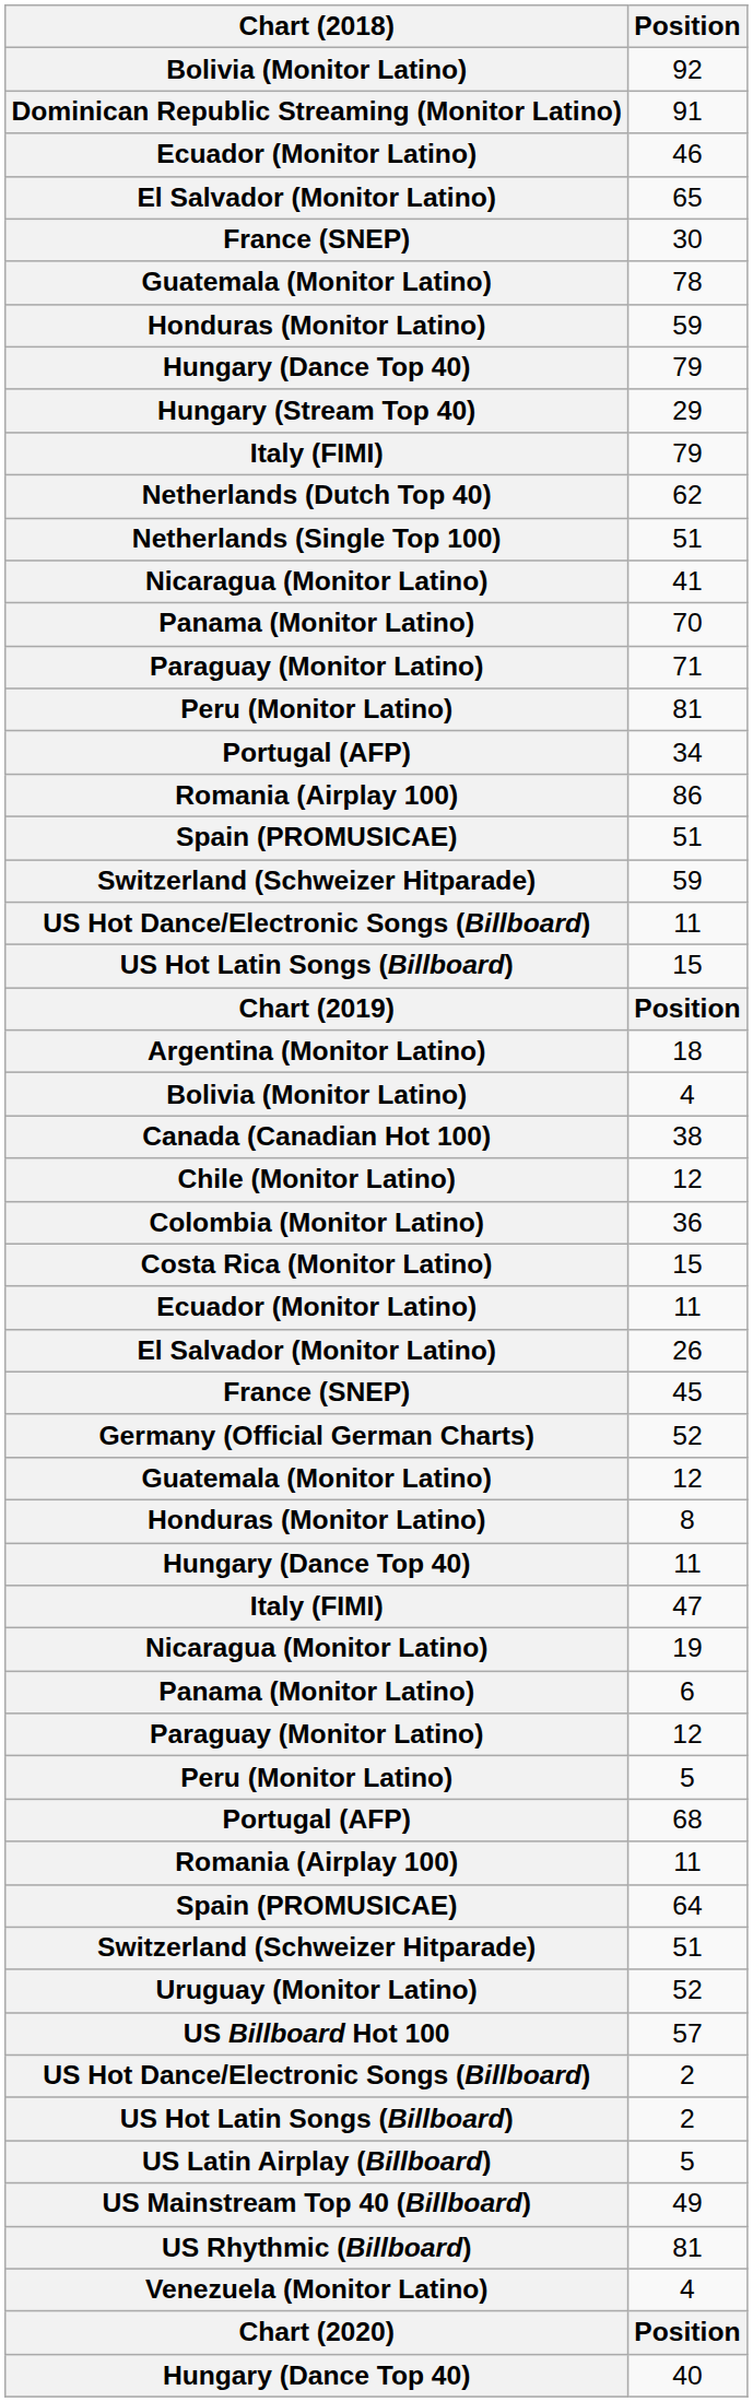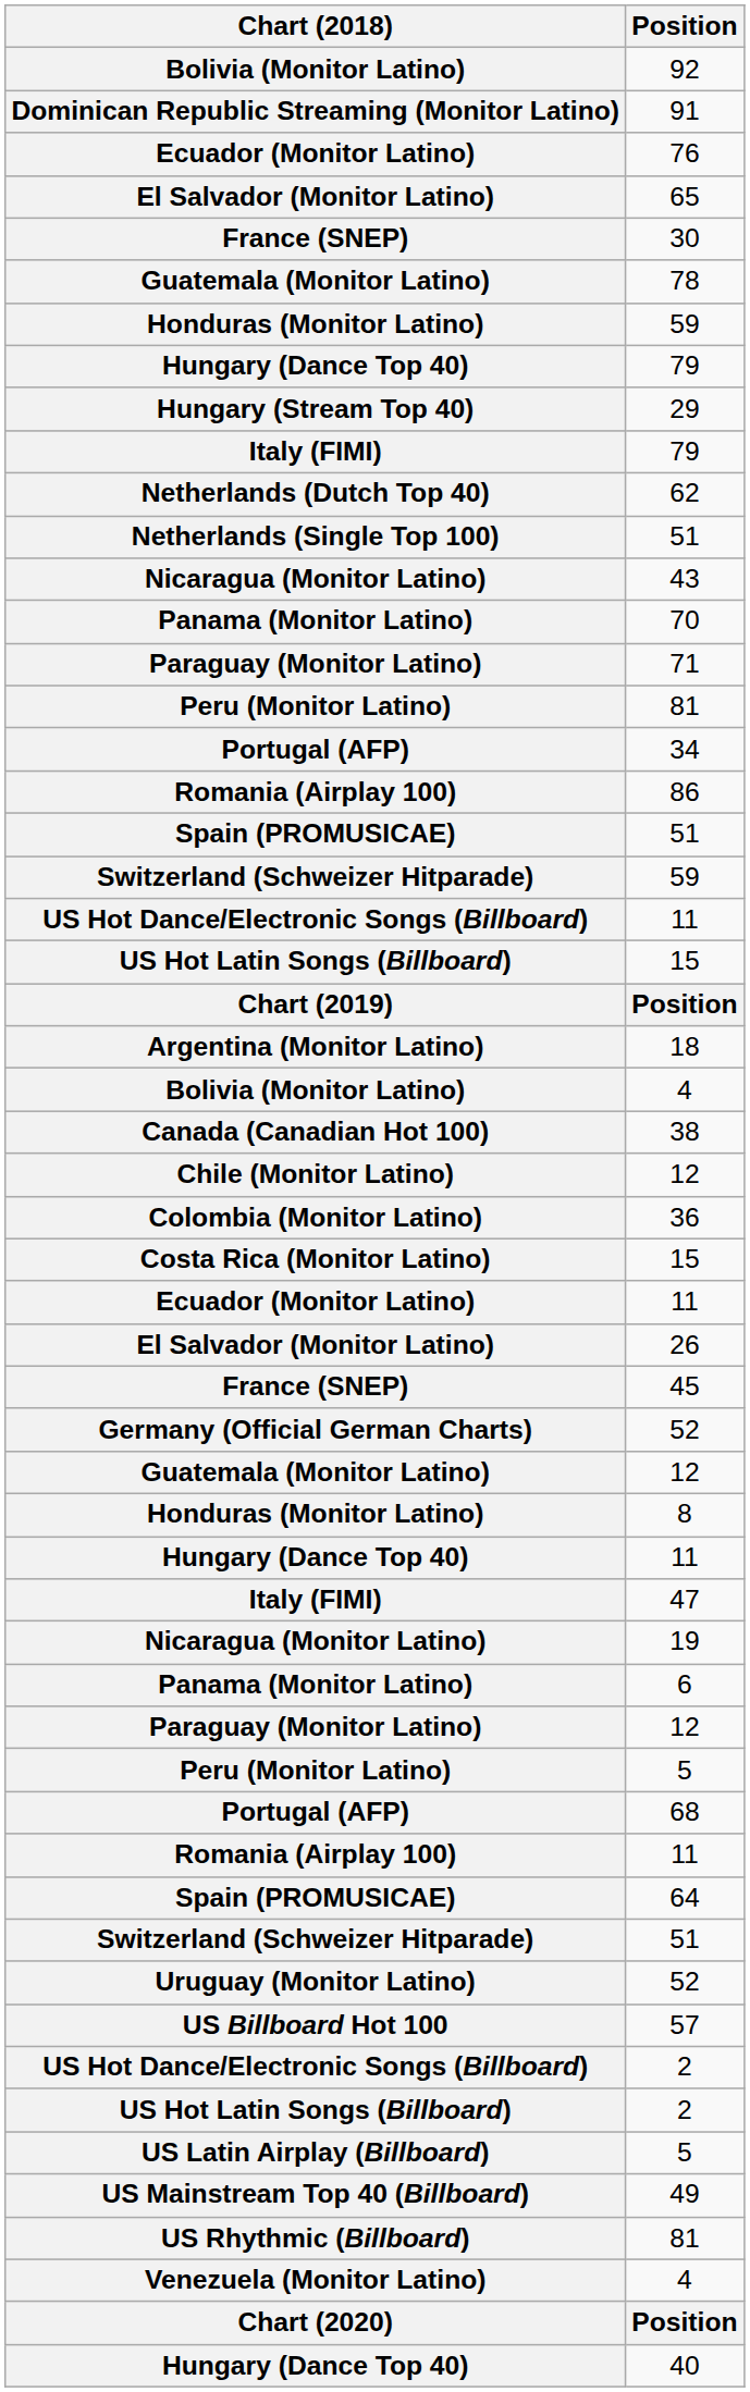 <table class="wikitable sortable plainrowheaders" style="text-align:center">
 <tr>
 <th scope="col">Chart (2018)</th>
 <th scope="col">Position</th>
 </tr>
 <tr>
 <th scope="row">Bolivia (Monitor Latino)</th>
 <td>92</td>
 </tr>
 <tr>
 <th scope="row">Dominican Republic Streaming (Monitor Latino)</th>
 <td>91</td>
 </tr>
 <tr>
 <th scope="row">Ecuador (Monitor Latino)</th>
-<td>46</td>
+<td>76</td>
 </tr>
 <tr>
 <th scope="row">El Salvador (Monitor Latino)</th>
 <td>65</td>
 </tr>
 <tr>
 <th scope="row">France (SNEP)</th>
 <td>30</td>
 </tr>
 <tr>
 <th scope="row">Guatemala (Monitor Latino)</th>
 <td>78</td>
 </tr>
 <tr>
 <th scope="row">Honduras (Monitor Latino)</th>
 <td>59</td>
 </tr>
 <tr>
 <th scope="row">Hungary (Dance Top 40)</th>
 <td>79</td>
 </tr>
 <tr>
 <th scope="row">Hungary (Stream Top 40)</th>
 <td>29</td>
 </tr>
 <tr>
 <th scope="row">Italy (FIMI)</th>
 <td>79</td>
 </tr>
 <tr>
 <th scope="row">Netherlands (Dutch Top 40)</th>
 <td>62</td>
 </tr>
 <tr>
 <th scope="row">Netherlands (Single Top 100)</th>
 <td>51</td>
 </tr>
 <tr>
 <th scope="row">Nicaragua (Monitor Latino)</th>
-<td>41</td>
+<td>43</td>
 </tr>
 <tr>
 <th scope="row">Panama (Monitor Latino)</th>
 <td>70</td>
 </tr>
 <tr>
 <th scope="row">Paraguay (Monitor Latino)</th>
 <td>71</td>
 </tr>
 <tr>
 <th scope="row">Peru (Monitor Latino)</th>
 <td>81</td>
 </tr>
 <tr>
 <th scope="row">Portugal (AFP)</th>
 <td>34</td>
 </tr>
 <tr>
 <th scope="row">Romania (Airplay 100)</th>
 <td>86</td>
 </tr>
 <tr>
 <th scope="row">Spain (PROMUSICAE)</th>
 <td>51</td>
 </tr>
 <tr>
 <th scope="row">Switzerland (Schweizer Hitparade)</th>
 <td>59</td>
 </tr>
 <tr>
 <th scope="row">US Hot Dance/Electronic Songs (<em>Billboard</em>)</th>
 <td>11</td>
 </tr>
 <tr>
 <th scope="row">US Hot Latin Songs (<em>Billboard</em>)</th>
 <td>15</td>
 </tr>
 <tr>
 <th scope="col">Chart (2019)</th>
 <th scope="col">Position</th>
 </tr>
 <tr>
 <th scope="row">Argentina (Monitor Latino)</th>
 <td>18</td>
 </tr>
 <tr>
 <th scope="row">Bolivia (Monitor Latino)</th>
 <td>4</td>
 </tr>
 <tr>
 <th scope="row">Canada (Canadian Hot 100)</th>
 <td>38</td>
 </tr>
 <tr>
 <th scope="row">Chile (Monitor Latino)</th>
 <td>12</td>
 </tr>
 <tr>
 <th scope="row">Colombia (Monitor Latino)</th>
 <td>36</td>
 </tr>
 <tr>
 <th scope="row">Costa Rica (Monitor Latino)</th>
 <td>15</td>
 </tr>
 <tr>
 <th scope="row">Ecuador (Monitor Latino)</th>
 <td>11</td>
 </tr>
 <tr>
 <th scope="row">El Salvador (Monitor Latino)</th>
 <td>26</td>
 </tr>
 <tr>
 <th scope="row">France (SNEP)</th>
 <td>45</td>
 </tr>
 <tr>
 <th scope="row">Germany (Official German Charts)</th>
 <td>52</td>
 </tr>
 <tr>
 <th scope="row">Guatemala (Monitor Latino)</th>
 <td>12</td>
 </tr>
 <tr>
 <th scope="row">Honduras (Monitor Latino)</th>
 <td>8</td>
 </tr>
 <tr>
 <th scope="row">Hungary (Dance Top 40)</th>
 <td>11</td>
 </tr>
 <tr>
 <th scope="row">Italy (FIMI)</th>
 <td>47</td>
 </tr>
 <tr>
 <th scope="row">Nicaragua (Monitor Latino)</th>
 <td>19</td>
 </tr>
 <tr>
 <th scope="row">Panama (Monitor Latino)</th>
 <td>6</td>
 </tr>
 <tr>
 <th scope="row">Paraguay (Monitor Latino)</th>
 <td>12</td>
 </tr>
 <tr>
 <th scope="row">Peru (Monitor Latino)</th>
 <td>5</td>
 </tr>
 <tr>
 <th scope="row">Portugal (AFP)</th>
 <td>68</td>
 </tr>
 <tr>
 <th scope="row">Romania (Airplay 100)</th>
 <td>11</td>
 </tr>
 <tr>
 <th scope="row">Spain (PROMUSICAE)</th>
 <td>64</td>
 </tr>
 <tr>
 <th scope="row">Switzerland (Schweizer Hitparade)</th>
 <td>51</td>
 </tr>
 <tr>
 <th scope="row">Uruguay (Monitor Latino)</th>
 <td>52</td>
 </tr>
 <tr>
 <th scope="row">US <em>Billboard</em> Hot 100</th>
 <td>57</td>
 </tr>
 <tr>
 <th scope="row">US Hot Dance/Electronic Songs (<em>Billboard</em>)</th>
 <td>2</td>
 </tr>
 <tr>
 <th scope="row">US Hot Latin Songs (<em>Billboard</em>)</th>
 <td>2</td>
 </tr>
 <tr>
 <th scope="row">US Latin Airplay (<em>Billboard</em>)</th>
 <td>5</td>
 </tr>
 <tr>
 <th scope="row">US Mainstream Top 40 (<em>Billboard</em>)</th>
 <td>49</td>
 </tr>
 <tr>
 <th scope="row">US Rhythmic (<em>Billboard</em>)</th>
 <td>81</td>
 </tr>
 <tr>
 <th scope="row">Venezuela (Monitor Latino)</th>
 <td>4</td>
 </tr>
 <tr>
 <th scope="col">Chart (2020)</th>
 <th scope="col">Position</th>
 </tr>
 <tr>
 <th scope="row">Hungary (Dance Top 40)</th>
 <td>40</td>
 </tr>
 </table>
